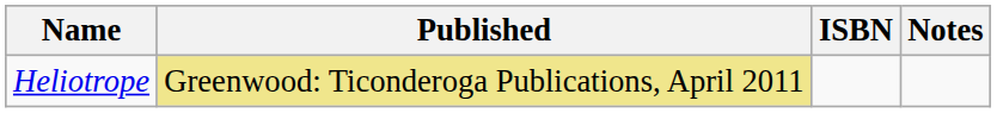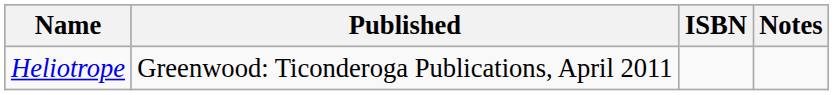 <table class="wikitable sortable" id="noveltable" border="1">
 <tr>
 <th>Name</th>
 <th>Published</th>
 <th>ISBN</th>
 <th>Notes</th>
 </tr>
 <tr>
 <td><em><a href='#'>Heliotrope</a></em></td>
-<td style="background: khaki;">Greenwood: Ticonderoga Publications, April 2011</td>
+<td>Greenwood: Ticonderoga Publications, April 2011</td>
 <td></td>
 </tr>
 </table>
